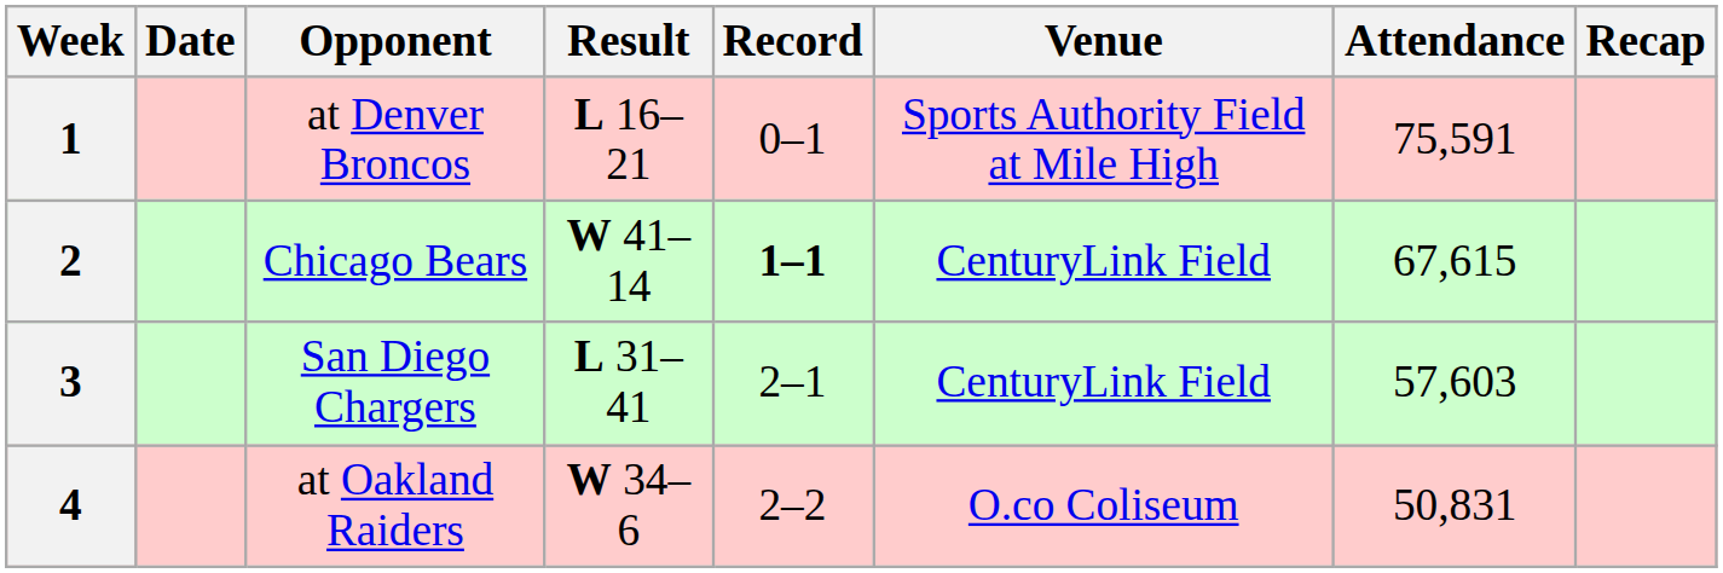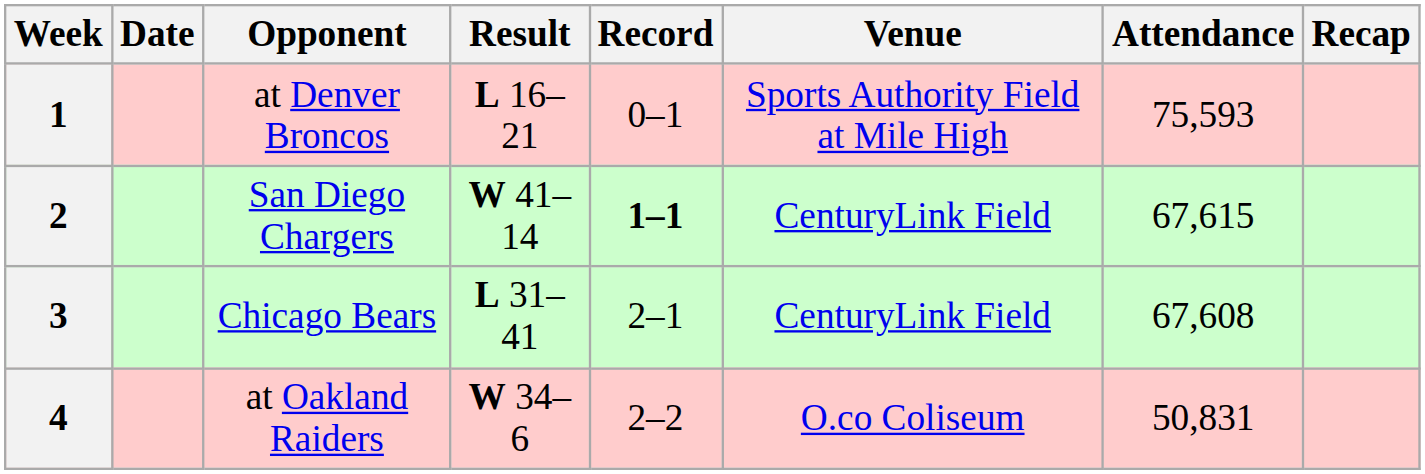 <table class="wikitable" style="text-align:center">
 <tr>
 <th>Week</th>
 <th>Date</th>
 <th>Opponent</th>
 <th>Result</th>
 <th>Record</th>
 <th>Venue</th>
 <th>Attendance</th>
 <th>Recap</th>
 </tr>
 <tr style="background:#fcc">
 <th>1</th>
 <td></td>
 <td>at <a href='#'>Denver Broncos</a></td>
 <td><strong>L</strong> 16–21</td>
 <td>0–1</td>
 <td><a href='#'>Sports Authority Field at Mile High</a></td>
-<td>75,591</td>
+<td>75,593</td>
 <td></td>
 </tr>
 <tr style="background:#cfc">
 <th>2</th>
 <td></td>
-<td><a href='#'>Chicago Bears</a></td>
+<td><a href='#'>San Diego Chargers</a></td>
 <td><strong>W</strong> 41–14</td>
 <td><strong>1–1</strong></td>
 <td><a href='#'>CenturyLink Field</a></td>
 <td>67,615</td>
 <td></td>
 </tr>
 <tr style="background:#cfc">
 <th>3</th>
 <td></td>
-<td><a href='#'>San Diego Chargers</a></td>
+<td><a href='#'>Chicago Bears</a></td>
 <td><strong>L</strong> 31–41</td>
 <td>2–1</td>
 <td><a href='#'>CenturyLink Field</a></td>
-<td>57,603</td>
+<td>67,608</td>
 <td></td>
 </tr>
 <tr style="background:#fcc">
 <th>4</th>
 <td></td>
 <td>at <a href='#'>Oakland Raiders</a></td>
 <td><strong>W</strong> 34–6</td>
 <td>2–2</td>
 <td><a href='#'>O.co Coliseum</a></td>
 <td>50,831</td>
 <td></td>
 </tr>
 </table>
